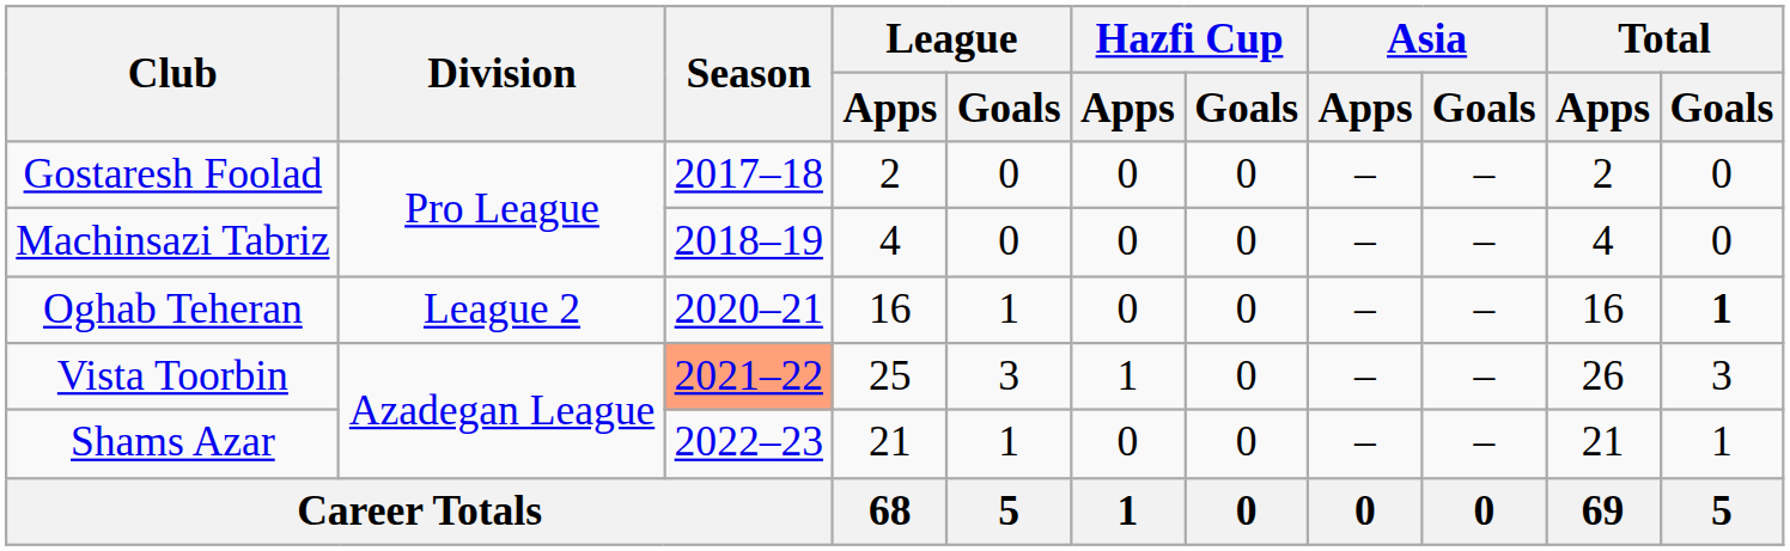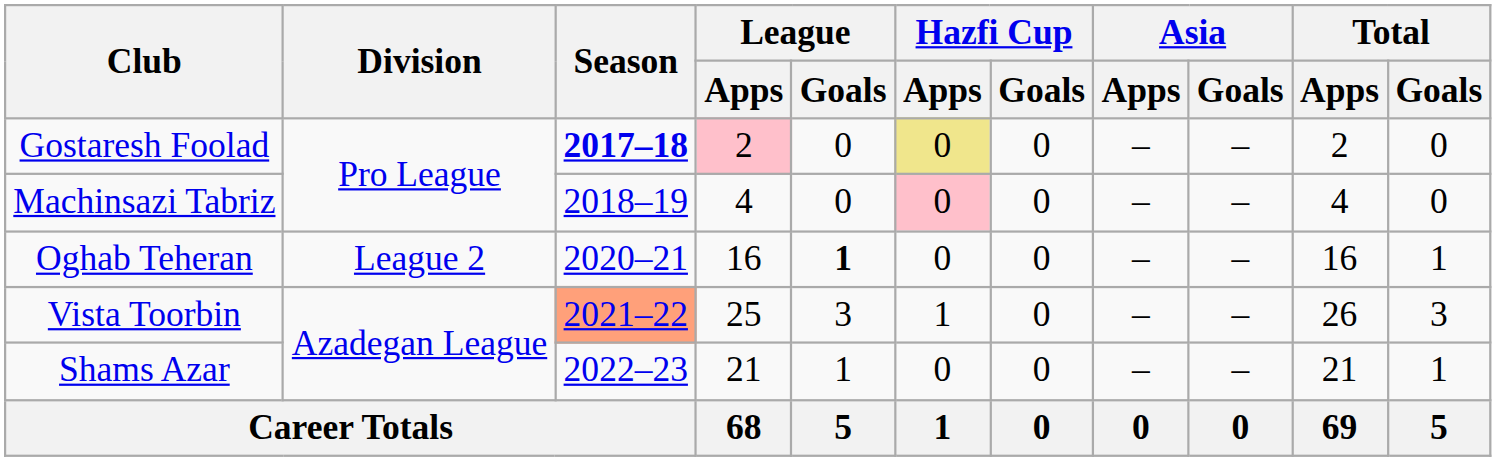 <table class="wikitable" style="text-align: center;">
 <tr>
 <th rowspan="2">Club</th>
 <th rowspan="2">Division</th>
 <th rowspan="2">Season</th>
 <th colspan="2">League</th>
 <th colspan="2"><a href='#'>Hazfi Cup</a></th>
 <th colspan="2"><a href='#'>Asia</a></th>
 <th colspan="2">Total</th>
 </tr>
 <tr>
 <th>Apps</th>
 <th>Goals</th>
 <th>Apps</th>
 <th>Goals</th>
 <th>Apps</th>
 <th>Goals</th>
 <th>Apps</th>
 <th>Goals</th>
 </tr>
 <tr>
 <td rowspan="1"><a href='#'>Gostaresh Foolad</a></td>
 <td rowspan="2"><a href='#'>Pro League</a></td>
-<td><a href='#'>2017–18</a></td>
-<td>2</td>
+<td><strong><a href='#'>2017–18</a></strong></td>
+<td style="background: pink;">2</td>
 <td>0</td>
-<td>0</td>
+<td style="background: khaki;">0</td>
 <td>0</td>
 <td>–</td>
 <td>–</td>
 <td>2</td>
 <td>0</td>
 </tr>
 <tr>
 <td rowspan="1"><a href='#'>Machinsazi Tabriz</a></td>
 <td><a href='#'>2018–19</a></td>
 <td>4</td>
 <td>0</td>
-<td>0</td>
+<td style="background: pink;">0</td>
 <td>0</td>
 <td>–</td>
 <td>–</td>
 <td>4</td>
 <td>0</td>
 </tr>
 <tr>
 <td rowspan="1"><a href='#'>Oghab Teheran</a></td>
 <td rowspan="1"><a href='#'>League 2</a></td>
 <td><a href='#'>2020–21</a></td>
 <td>16</td>
-<td>1</td>
+<td><strong>1</strong></td>
 <td>0</td>
 <td>0</td>
 <td>–</td>
 <td>–</td>
 <td>16</td>
-<td><strong>1</strong></td>
+<td>1</td>
 </tr>
 <tr>
 <td rowspan="1"><a href='#'>Vista Toorbin</a></td>
 <td rowspan="2"><a href='#'>Azadegan League</a></td>
 <td style="background: lightsalmon;"><a href='#'>2021–22</a></td>
 <td>25</td>
 <td>3</td>
 <td>1</td>
 <td>0</td>
 <td>–</td>
 <td>–</td>
 <td>26</td>
 <td>3</td>
 </tr>
 <tr>
 <td rowspan="1"><a href='#'>Shams Azar</a></td>
 <td><a href='#'>2022–23</a></td>
 <td>21</td>
 <td>1</td>
 <td>0</td>
 <td>0</td>
 <td>–</td>
 <td>–</td>
 <td>21</td>
 <td>1</td>
 </tr>
 <tr>
 <th colspan="3">Career Totals</th>
 <th>68</th>
 <th>5</th>
 <th>1</th>
 <th>0</th>
 <th>0</th>
 <th>0</th>
 <th>69</th>
 <th>5</th>
 </tr>
 </table>
